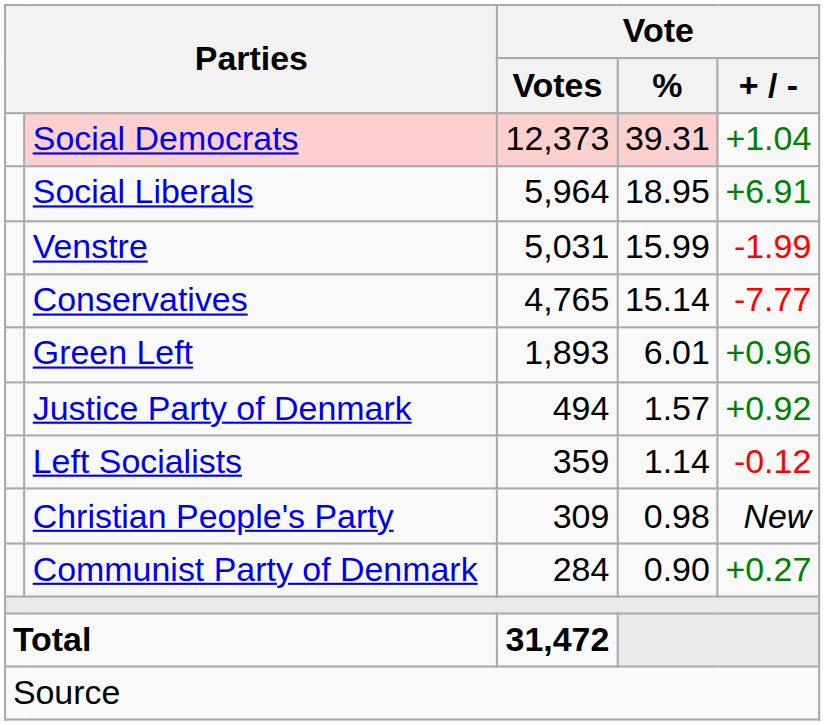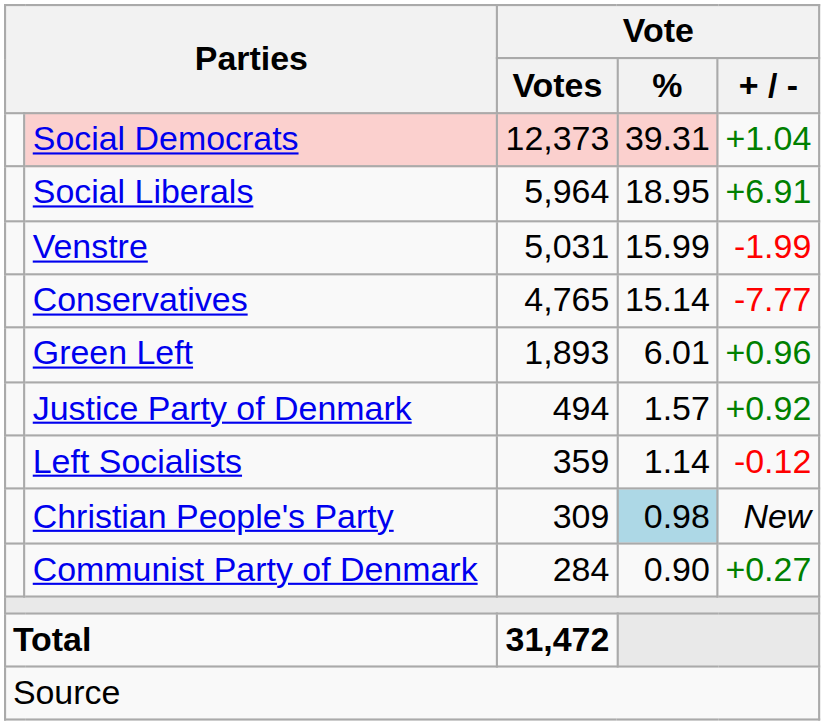 <table class="wikitable" style="text-align:right;">
 <tr>
 <th style="text-align:centre;" rowspan="2" colspan="2" width="225">Parties</th>
 <th colspan="3">Vote</th>
 </tr>
 <tr>
 <th width="15">Votes</th>
 <th width="15">%</th>
 <th width="15">+ / -</th>
 </tr>
 <tr>
 <td width="2" style="color:inherit;background:"></td>
 <td bgcolor=#fbd0ce  align="left"><a href='#'>Social Democrats</a></td>
 <td bgcolor=#fbd0ce>12,373</td>
 <td bgcolor=#fbd0ce>39.31</td>
 <td style=color:green;>+1.04</td>
 </tr>
 <tr>
 <td width="2" style="color:inherit;background:"></td>
 <td align="left"><a href='#'>Social Liberals</a></td>
 <td>5,964</td>
 <td>18.95</td>
 <td style=color:green;>+6.91</td>
 </tr>
 <tr>
 <td width="2" style="color:inherit;background:"></td>
 <td align="left"><a href='#'>Venstre</a></td>
 <td>5,031</td>
 <td>15.99</td>
 <td style=color:red;>-1.99</td>
 </tr>
 <tr>
 <td width="2" style="color:inherit;background:"></td>
 <td align="left"><a href='#'>Conservatives</a></td>
 <td>4,765</td>
 <td>15.14</td>
 <td style=color:red;>-7.77</td>
 </tr>
 <tr>
 <td width="2" style="color:inherit;background:"></td>
 <td align="left"><a href='#'>Green Left</a></td>
 <td>1,893</td>
 <td>6.01</td>
 <td style=color:green;>+0.96</td>
 </tr>
 <tr>
 <td width="2" style="color:inherit;background:"></td>
 <td align="left"><a href='#'>Justice Party of Denmark</a></td>
 <td>494</td>
 <td>1.57</td>
 <td style=color:green;>+0.92</td>
 </tr>
 <tr>
 <td width="2" style="color:inherit;background:"></td>
 <td align="left"><a href='#'>Left Socialists</a></td>
 <td>359</td>
 <td>1.14</td>
 <td style=color:red;>-0.12</td>
 </tr>
 <tr>
 <td width="2" style="color:inherit;background:"></td>
 <td align="left"><a href='#'>Christian People's Party</a></td>
 <td>309</td>
-<td>0.98</td>
+<td style="background: lightblue;">0.98</td>
 <td><em>New</em></td>
 </tr>
 <tr>
 <td width="2" style="color:inherit;background:"></td>
 <td align="left"><a href='#'>Communist Party of Denmark</a></td>
 <td>284</td>
 <td>0.90</td>
 <td style=color:green;>+0.27</td>
 </tr>
 <tr>
 <td colspan="7" bgcolor="#E9E9E9"></td>
 </tr>
 <tr>
 <td align="left" colspan="2"><strong>Total</strong></td>
 <td><strong>31,472</strong></td>
 <td bgcolor="#E9E9E9" colspan="2"></td>
 </tr>
 <tr>
 <td align="left" colspan="6">Source</td>
 </tr>
 </table>
